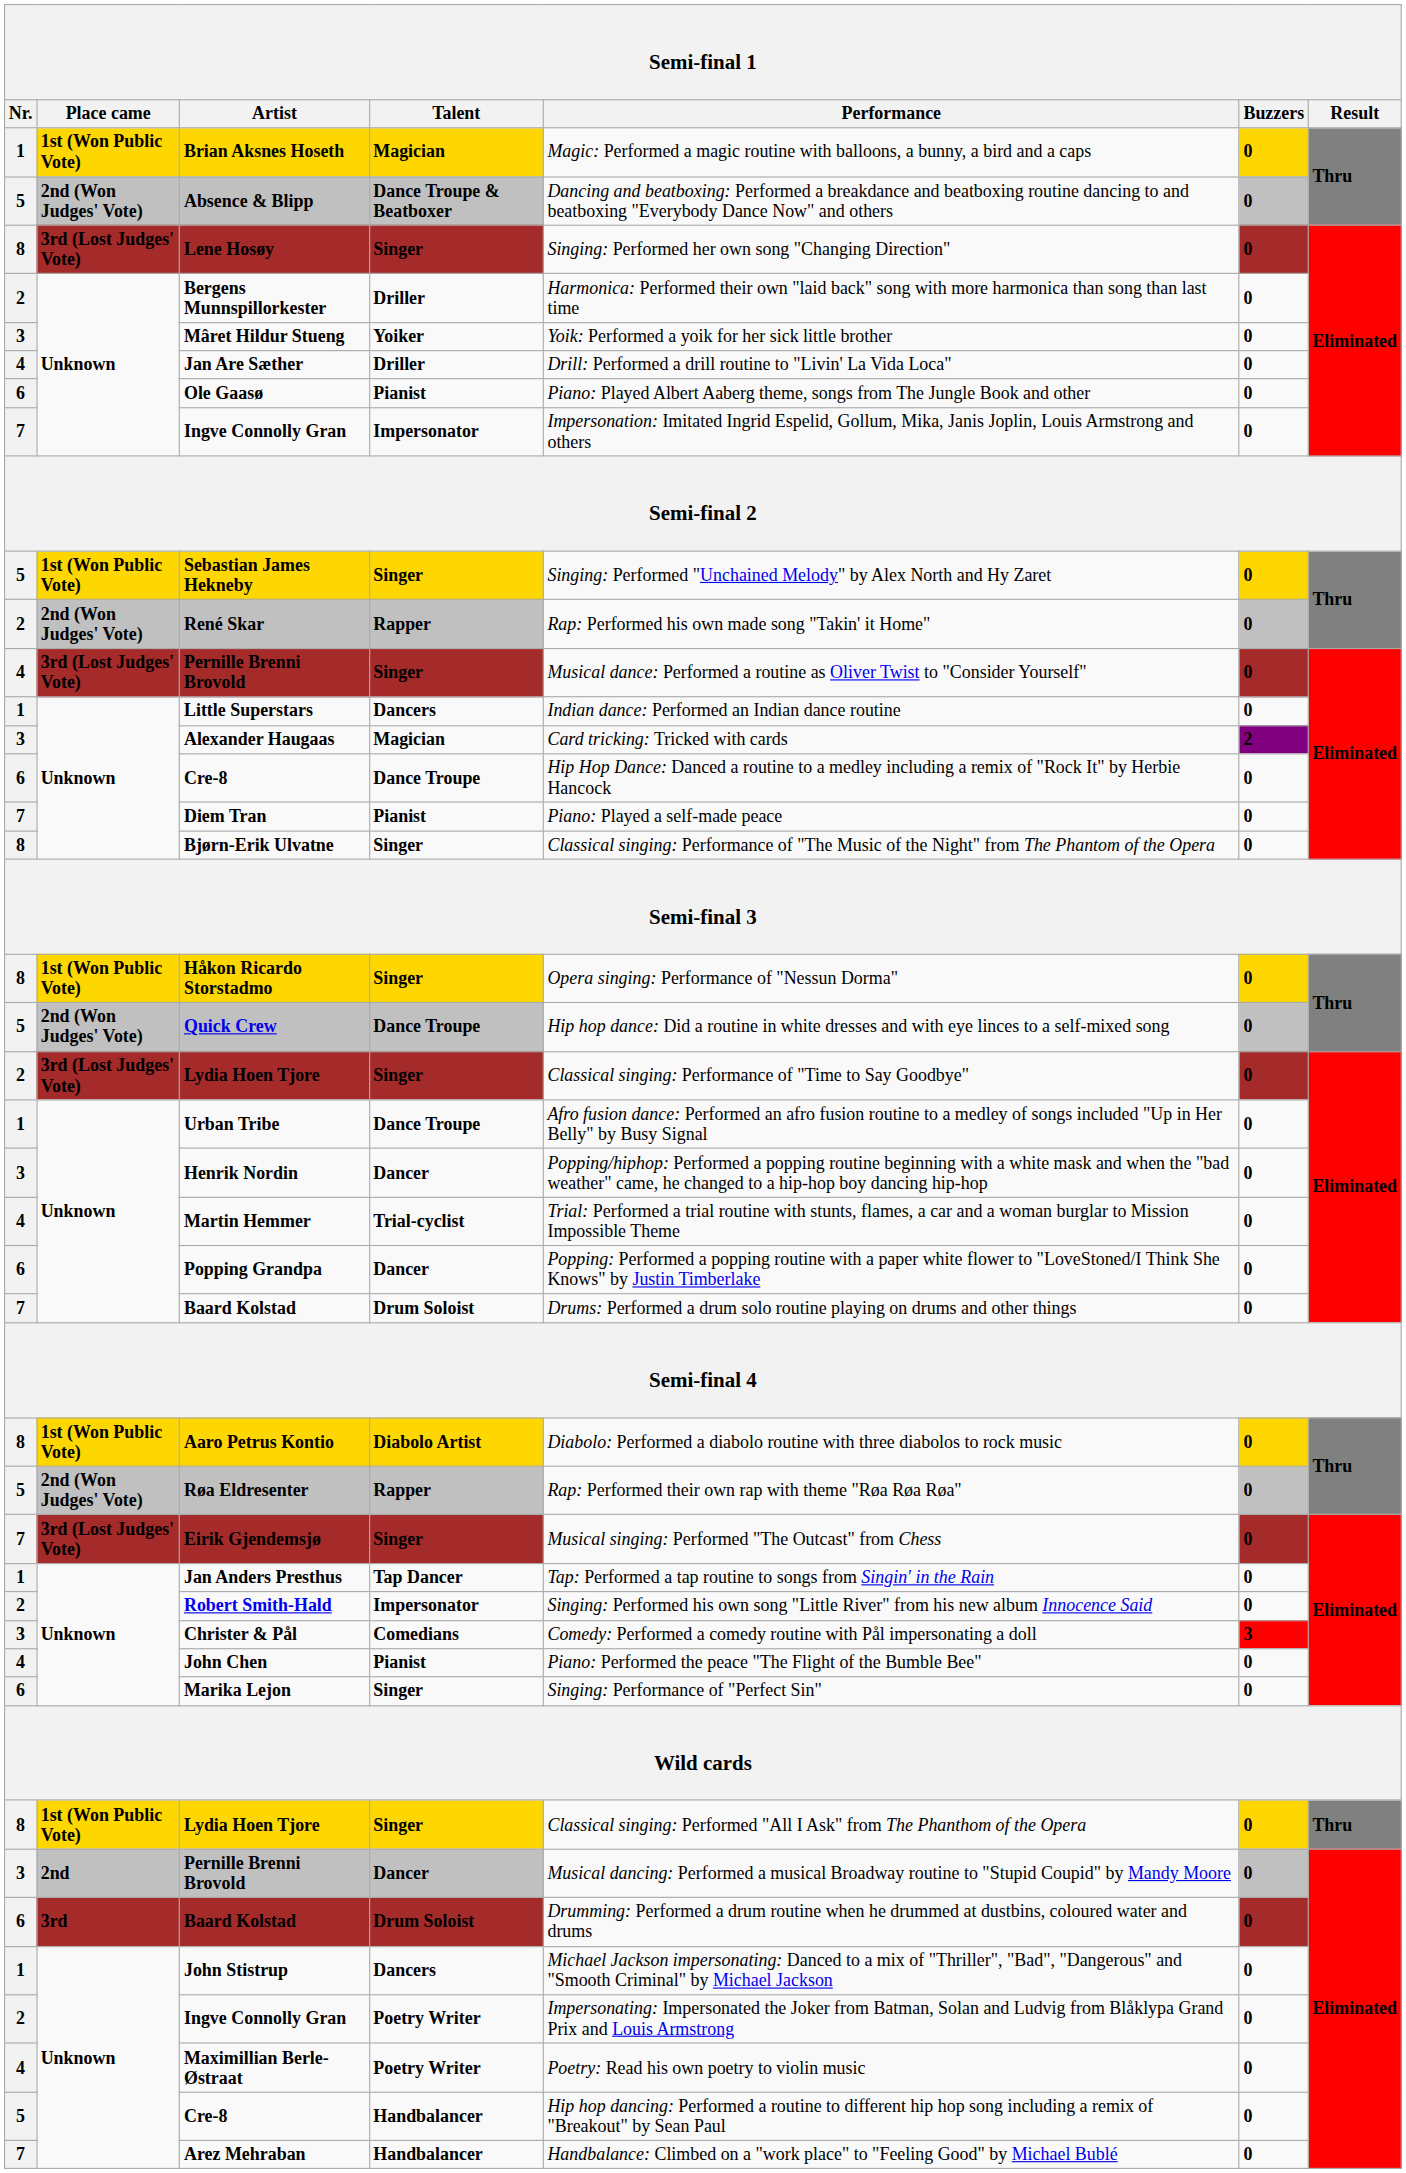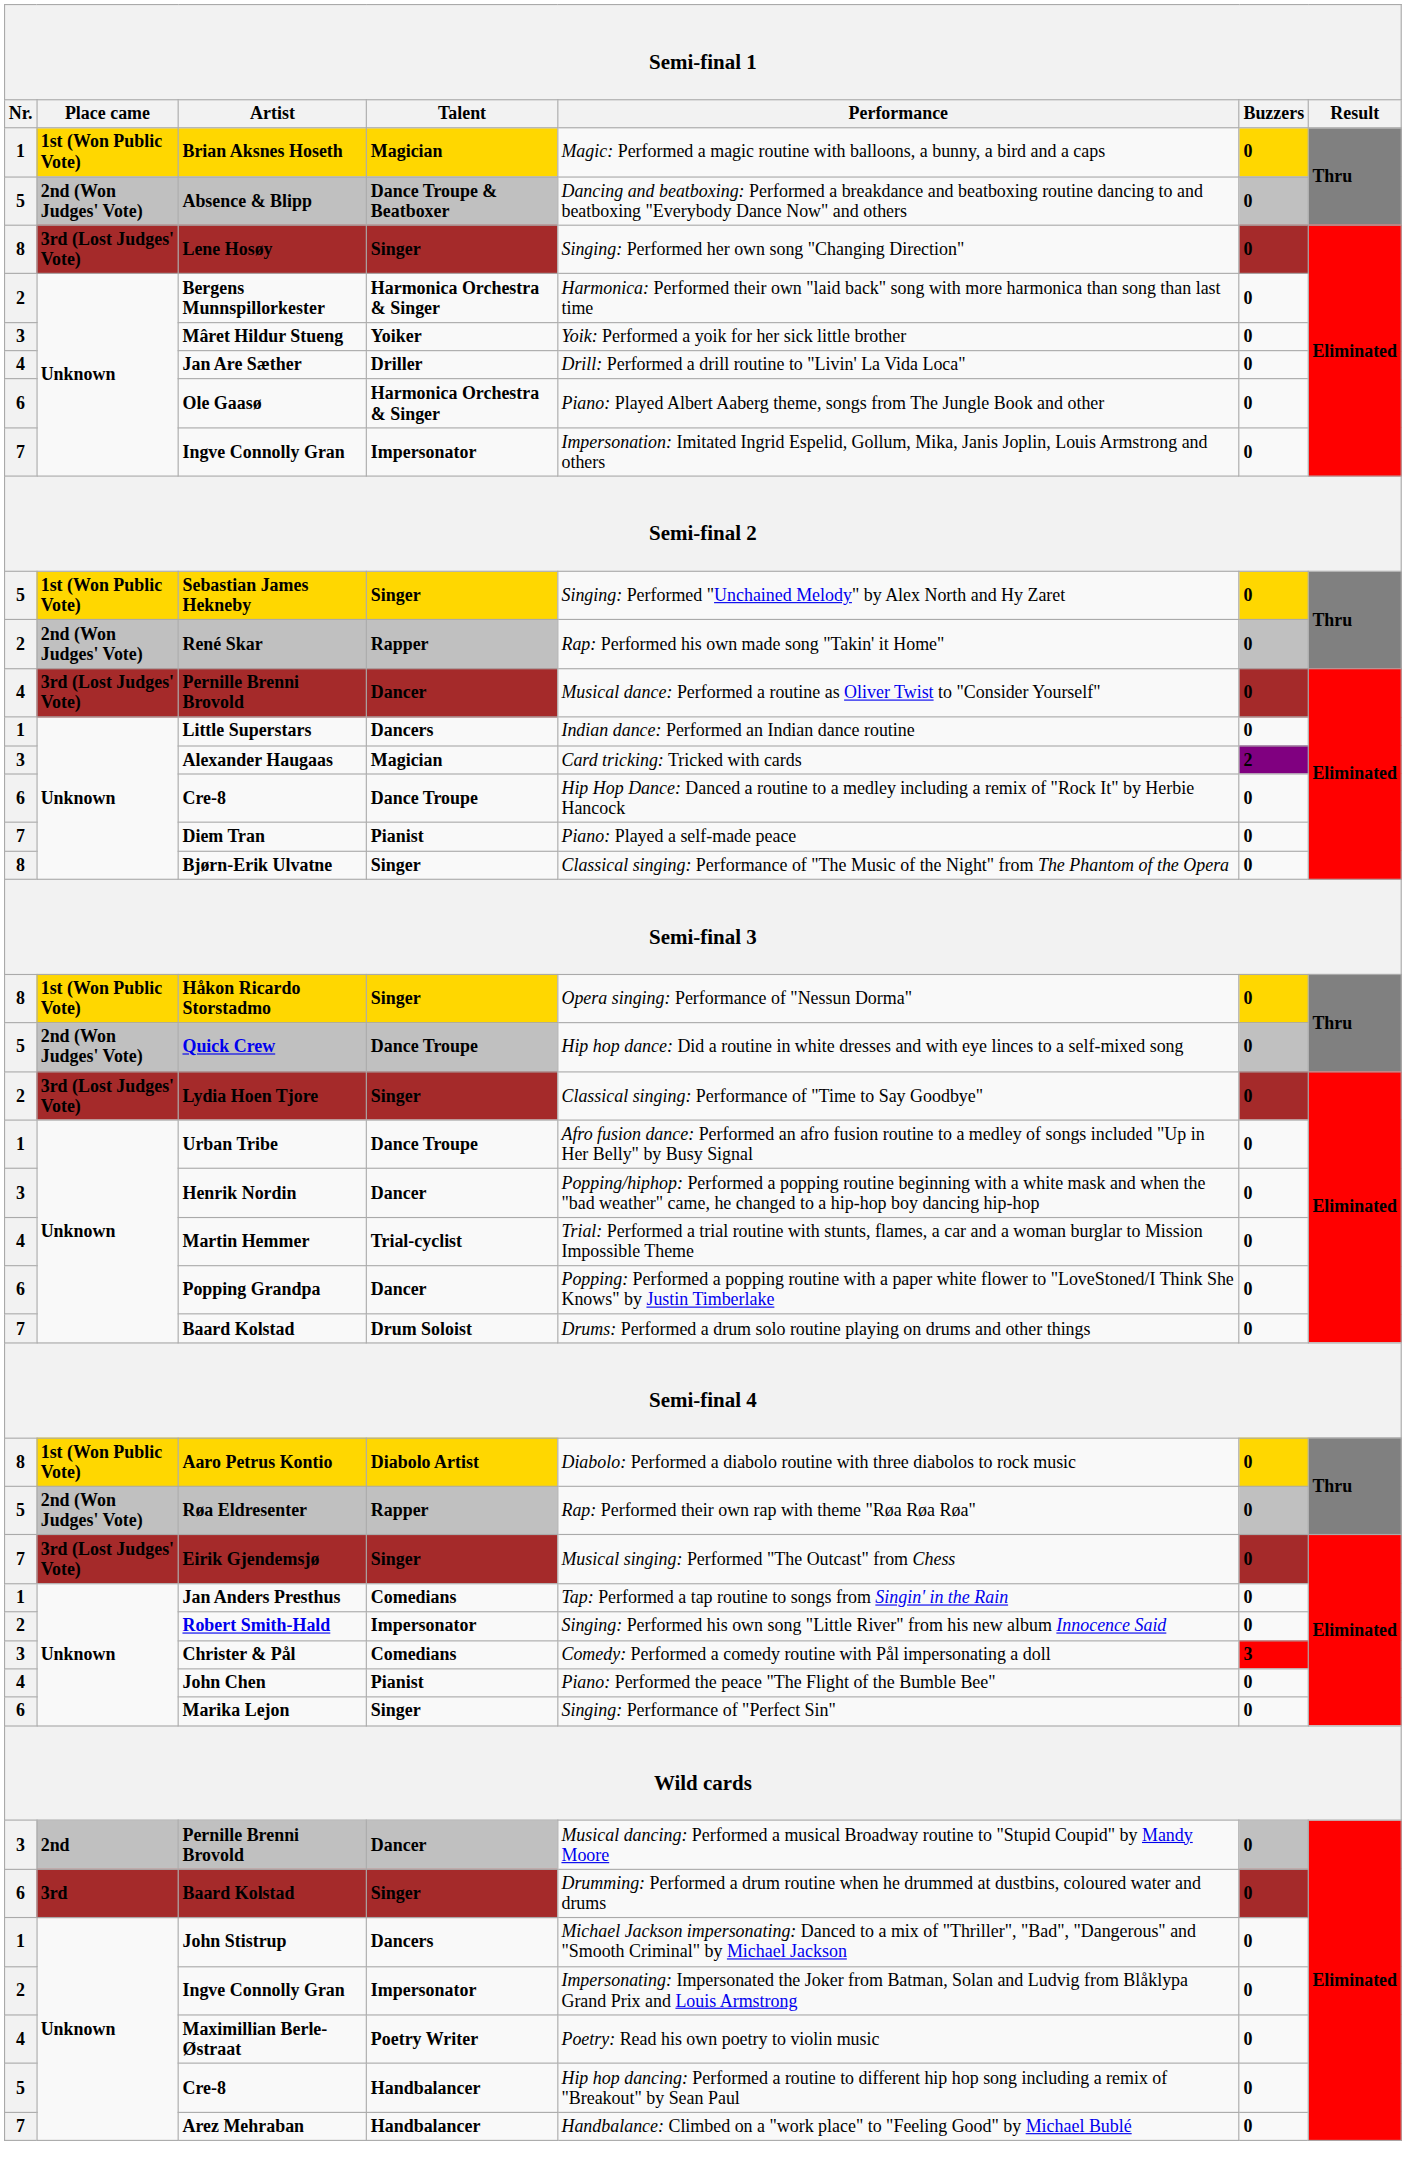 <table class="wikitable">
 <tr>
 <th colspan=7><br><h3>Semi-final 1</h3></th>
 </tr>
 <tr>
 <th>Nr.</th>
 <th>Place came</th>
 <th>Artist</th>
 <th>Talent</th>
 <th>Performance</th>
 <th>Buzzers</th>
 <th>Result</th>
 </tr>
 <tr>
 <th>1</th>
 <td bgcolor="gold"><strong>1st (Won Public Vote)</strong></td>
 <td bgcolor="gold"><strong>Brian Aksnes Hoseth</strong></td>
 <td bgcolor="gold"><strong>Magician</strong></td>
 <td><em>Magic:</em> Performed a magic routine with balloons, a bunny, a bird and a caps</td>
 <td bgcolor="gold"><strong>0</strong></td>
 <td rowspan="2" bgcolor="grey"><strong>Thru</strong></td>
 </tr>
 <tr>
 <th>5</th>
 <td bgcolor="silver"><strong>2nd (Won Judges' Vote)</strong></td>
 <td bgcolor="silver"><strong>Absence & Blipp</strong></td>
 <td bgcolor="silver"><strong>Dance Troupe & Beatboxer</strong></td>
 <td><em>Dancing and beatboxing:</em> Performed a breakdance and beatboxing routine dancing to and beatboxing "Everybody Dance Now" and others</td>
 <td bgcolor="silver"><strong>0</strong></td>
 </tr>
 <tr>
 <th>8</th>
 <td bgcolor="brown"><strong>3rd (Lost Judges' Vote)</strong></td>
 <td bgcolor="brown"><strong>Lene Hosøy</strong></td>
 <td bgcolor="brown"><strong>Singer</strong></td>
 <td><em>Singing:</em> Performed her own song "Changing Direction"</td>
 <td bgcolor="brown"><strong>0</strong></td>
 <td rowspan="6" bgcolor="red"><strong>Eliminated</strong></td>
 </tr>
 <tr>
 <th>2</th>
 <td rowspan="5"><strong>Unknown</strong></td>
 <td><strong>Bergens Munnspillorkester</strong></td>
-<td><strong>Driller</strong></td>
+<td><strong>Harmonica Orchestra & Singer</strong></td>
 <td><em>Harmonica:</em> Performed their own "laid back" song with more harmonica than song than last time</td>
 <td><strong>0</strong></td>
 </tr>
 <tr>
 <th>3</th>
 <td><strong>Mâret Hildur Stueng</strong></td>
 <td><strong>Yoiker</strong></td>
 <td><em>Yoik:</em> Performed a yoik for her sick little brother</td>
 <td><strong>0</strong></td>
 </tr>
 <tr>
 <th>4</th>
 <td><strong>Jan Are Sæther</strong></td>
 <td><strong>Driller</strong></td>
 <td><em>Drill:</em> Performed a drill routine to "Livin' La Vida Loca"</td>
 <td><strong>0</strong></td>
 </tr>
 <tr>
 <th>6</th>
 <td><strong>Ole Gaasø</strong></td>
-<td><strong>Pianist</strong></td>
+<td><strong>Harmonica Orchestra & Singer</strong></td>
 <td><em>Piano:</em> Played Albert Aaberg theme, songs from The Jungle Book and other</td>
 <td><strong>0</strong></td>
 </tr>
 <tr>
 <th>7</th>
 <td><strong>Ingve Connolly Gran</strong></td>
 <td><strong>Impersonator</strong></td>
 <td><em>Impersonation:</em> Imitated Ingrid Espelid, Gollum, Mika, Janis Joplin, Louis Armstrong and others</td>
 <td><strong>0</strong></td>
 </tr>
 <tr>
 <th colspan="7"><br><h3>Semi-final 2</h3></th>
 </tr>
 <tr>
 <th>5</th>
 <td bgcolor="gold"><strong>1st (Won Public Vote)</strong></td>
 <td bgcolor="gold"><strong>Sebastian James Hekneby</strong></td>
 <td bgcolor="gold"><strong>Singer</strong></td>
 <td><em>Singing:</em> Performed "<a href='#'>Unchained Melody</a>" by Alex North and Hy Zaret</td>
 <td bgcolor="gold"><strong>0</strong></td>
 <td rowspan="2" bgcolor="grey"><strong>Thru</strong></td>
 </tr>
 <tr>
 <th>2</th>
 <td bgcolor="silver"><strong>2nd (Won Judges' Vote)</strong></td>
 <td bgcolor="silver"><strong>René Skar</strong></td>
 <td bgcolor="silver"><strong>Rapper</strong></td>
 <td><em>Rap:</em> Performed his own made song "Takin' it Home"</td>
 <td bgcolor="silver"><strong>0</strong></td>
 </tr>
 <tr>
 <th>4</th>
 <td bgcolor="brown"><strong>3rd (Lost Judges' Vote)</strong></td>
 <td bgcolor="brown"><strong>Pernille Brenni Brovold</strong></td>
-<td bgcolor="brown"><strong>Singer</strong></td>
+<td bgcolor="brown"><strong>Dancer</strong></td>
 <td><em>Musical dance:</em> Performed a routine as <a href='#'>Oliver Twist</a> to "Consider Yourself"</td>
 <td bgcolor="brown"><strong>0</strong></td>
 <td rowspan="6" bgcolor="red"><strong>Eliminated</strong></td>
 </tr>
 <tr>
 <th>1</th>
 <td rowspan="5"><strong>Unknown</strong></td>
 <td><strong>Little Superstars</strong></td>
 <td><strong>Dancers</strong></td>
 <td><em>Indian dance:</em> Performed an Indian dance routine</td>
 <td><strong>0</strong></td>
 </tr>
 <tr>
 <th>3</th>
 <td><strong>Alexander Haugaas</strong></td>
 <td><strong>Magician</strong></td>
 <td><em>Card tricking:</em> Tricked with cards</td>
 <td bgcolor="purple"><strong>2</strong></td>
 </tr>
 <tr>
 <th>6</th>
 <td><strong>Cre-8</strong></td>
 <td><strong>Dance Troupe</strong></td>
 <td><em>Hip Hop Dance:</em> Danced a routine to a medley including a remix of "Rock It" by Herbie Hancock</td>
 <td><strong>0</strong></td>
 </tr>
 <tr>
 <th>7</th>
 <td><strong>Diem Tran</strong></td>
 <td><strong>Pianist</strong></td>
 <td><em>Piano:</em> Played a self-made peace</td>
 <td><strong>0</strong></td>
 </tr>
 <tr>
 <th>8</th>
 <td><strong>Bjørn-Erik Ulvatne</strong></td>
 <td><strong>Singer</strong></td>
 <td><em>Classical singing:</em> Performance of "The Music of the Night" from <em>The Phantom of the Opera</em></td>
 <td><strong>0</strong></td>
 </tr>
 <tr>
 <th colspan="7"><br><h3>Semi-final 3</h3></th>
 </tr>
 <tr>
 <th>8</th>
 <td bgcolor="gold"><strong>1st (Won Public Vote)</strong></td>
 <td bgcolor="gold"><strong>Håkon Ricardo Storstadmo</strong></td>
 <td bgcolor="gold"><strong>Singer</strong></td>
 <td><em>Opera singing:</em> Performance of "Nessun Dorma"</td>
 <td bgcolor="gold"><strong>0</strong></td>
 <td rowspan="2" bgcolor="grey"><strong>Thru</strong></td>
 </tr>
 <tr>
 <th>5</th>
 <td bgcolor="silver"><strong>2nd (Won Judges' Vote)</strong></td>
 <td bgcolor="silver"><strong><a href='#'>Quick Crew</a></strong></td>
 <td bgcolor="silver"><strong>Dance Troupe</strong></td>
 <td><em>Hip hop dance:</em> Did a routine in white dresses and with eye linces to a self-mixed song</td>
 <td bgcolor="silver"><strong>0</strong></td>
 </tr>
 <tr>
 <th>2</th>
 <td bgcolor="brown"><strong>3rd (Lost Judges' Vote)</strong></td>
 <td bgcolor="brown"><strong>Lydia Hoen Tjore</strong></td>
 <td bgcolor="brown"><strong>Singer</strong></td>
 <td><em>Classical singing:</em> Performance of "Time to Say Goodbye"</td>
 <td bgcolor="brown"><strong>0</strong></td>
 <td rowspan="6" bgcolor="red"><strong>Eliminated</strong></td>
 </tr>
 <tr>
 <th>1</th>
 <td rowspan="5"><strong>Unknown</strong></td>
 <td><strong>Urban Tribe</strong></td>
 <td><strong>Dance Troupe</strong></td>
 <td><em>Afro fusion dance:</em> Performed an afro fusion routine to a medley of songs included "Up in Her Belly" by Busy Signal</td>
 <td><strong>0</strong></td>
 </tr>
 <tr>
 <th>3</th>
 <td><strong>Henrik Nordin</strong></td>
 <td><strong>Dancer</strong></td>
 <td><em>Popping/hiphop:</em> Performed a popping routine beginning with a white mask and when the "bad weather" came, he changed to a hip-hop boy dancing hip-hop</td>
 <td><strong>0</strong></td>
 </tr>
 <tr>
 <th>4</th>
 <td><strong>Martin Hemmer</strong></td>
 <td><strong>Trial-cyclist</strong></td>
 <td><em>Trial:</em> Performed a trial routine with stunts, flames, a car and a woman burglar to Mission Impossible Theme</td>
 <td><strong>0</strong></td>
 </tr>
 <tr>
 <th>6</th>
 <td><strong>Popping Grandpa</strong></td>
 <td><strong>Dancer</strong></td>
 <td><em>Popping:</em> Performed a popping routine with a paper white flower to "LoveStoned/I Think She Knows" by <a href='#'>Justin Timberlake</a></td>
 <td><strong>0</strong></td>
 </tr>
 <tr>
 <th>7</th>
 <td><strong>Baard Kolstad</strong></td>
 <td><strong>Drum Soloist</strong></td>
 <td><em>Drums:</em> Performed a drum solo routine playing on drums and other things</td>
 <td><strong>0</strong></td>
 </tr>
 <tr>
 <th colspan="7"><br><h3>Semi-final 4</h3></th>
 </tr>
 <tr>
 <th>8</th>
 <td bgcolor="gold"><strong>1st (Won Public Vote)</strong></td>
 <td bgcolor="gold"><strong>Aaro Petrus Kontio</strong></td>
 <td bgcolor="gold"><strong>Diabolo Artist</strong></td>
 <td><em>Diabolo:</em> Performed a diabolo routine with three diabolos to rock music</td>
 <td bgcolor="gold"><strong>0</strong></td>
 <td rowspan="2" bgcolor="grey"><strong>Thru</strong></td>
 </tr>
 <tr>
 <th>5</th>
 <td bgcolor="silver"><strong>2nd (Won Judges' Vote)</strong></td>
 <td bgcolor="silver"><strong>Røa Eldresenter</strong></td>
 <td bgcolor="silver"><strong>Rapper</strong></td>
 <td><em>Rap:</em> Performed their own rap with theme "Røa Røa Røa"</td>
 <td bgcolor="silver"><strong>0</strong></td>
 </tr>
 <tr>
 <th>7</th>
 <td bgcolor="brown"><strong>3rd (Lost Judges' Vote)</strong></td>
 <td bgcolor="brown"><strong>Eirik Gjendemsjø</strong></td>
 <td bgcolor="brown"><strong>Singer</strong></td>
 <td><em>Musical singing:</em> Performed "The Outcast" from <em>Chess</em></td>
 <td bgcolor="brown"><strong>0</strong></td>
 <td rowspan="6" bgcolor="red"><strong>Eliminated</strong></td>
 </tr>
 <tr>
 <th>1</th>
 <td rowspan="5"><strong>Unknown</strong></td>
 <td><strong>Jan Anders Presthus</strong></td>
-<td><strong>Tap Dancer</strong></td>
+<td><strong>Comedians</strong></td>
 <td><em>Tap:</em> Performed a tap routine to songs from <em><a href='#'>Singin' in the Rain</a></em></td>
 <td><strong>0</strong></td>
 </tr>
 <tr>
 <th>2</th>
 <td><strong><a href='#'>Robert Smith-Hald</a></strong></td>
 <td><strong>Impersonator</strong></td>
 <td><em>Singing:</em> Performed his own song "Little River" from his new album <em><a href='#'>Innocence Said</a></em></td>
 <td><strong>0</strong></td>
 </tr>
 <tr>
 <th>3</th>
 <td><strong>Christer & Pål</strong></td>
 <td><strong>Comedians</strong></td>
 <td><em>Comedy:</em> Performed a comedy routine with Pål impersonating a doll</td>
 <td bgcolor="red"><strong>3</strong></td>
 </tr>
 <tr>
 <th>4</th>
 <td><strong>John Chen</strong></td>
 <td><strong>Pianist</strong></td>
 <td><em>Piano:</em> Performed the peace "The Flight of the Bumble Bee"</td>
 <td><strong>0</strong></td>
 </tr>
 <tr>
 <th>6</th>
 <td><strong>Marika Lejon</strong></td>
 <td><strong>Singer</strong></td>
 <td><em>Singing:</em> Performance of "Perfect Sin"</td>
 <td><strong>0</strong></td>
 </tr>
 <tr>
 <th colspan="7"><br><h3>Wild cards</h3></th>
 </tr>
 <tr>
-<th>8</th>
-<td bgcolor="gold"><strong>1st (Won Public Vote)</strong></td>
-<td bgcolor="gold"><strong>Lydia Hoen Tjore</strong></td>
-<td bgcolor="gold"><strong>Singer</strong></td>
-<td><em>Classical singing:</em> Performed "All I Ask" from <em>The Phanthom of the Opera</em></td>
-<td bgcolor="gold"><strong>0</strong></td>
-<td bgcolor="grey"><strong>Thru</strong></td>
-</tr>
-<tr>
 <th>3</th>
 <td bgcolor="silver"><strong>2nd</strong></td>
 <td bgcolor="silver"><strong>Pernille Brenni Brovold</strong></td>
 <td bgcolor="silver"><strong>Dancer</strong></td>
 <td><em>Musical dancing:</em> Performed a musical Broadway routine to "Stupid Coupid" by <a href='#'>Mandy Moore</a></td>
 <td bgcolor="silver"><strong>0</strong></td>
 <td rowspan="7" bgcolor="red"><strong>Eliminated</strong></td>
 </tr>
 <tr>
 <th>6</th>
 <td bgcolor="brown"><strong>3rd</strong></td>
 <td bgcolor="brown"><strong>Baard Kolstad</strong></td>
-<td bgcolor="brown"><strong>Drum Soloist</strong></td>
+<td bgcolor="brown"><strong>Singer</strong></td>
 <td><em>Drumming:</em> Performed a drum routine when he drummed at dustbins, coloured water and drums</td>
 <td bgcolor="brown"><strong>0</strong></td>
 </tr>
 <tr>
 <th>1</th>
 <td rowspan="5"><strong>Unknown</strong></td>
 <td><strong>John Stistrup</strong></td>
 <td><strong>Dancers</strong></td>
 <td><em>Michael Jackson impersonating:</em> Danced to a mix of "Thriller", "Bad", "Dangerous" and "Smooth Criminal" by <a href='#'>Michael Jackson</a></td>
 <td><strong>0</strong></td>
 </tr>
 <tr>
 <th>2</th>
 <td><strong>Ingve Connolly Gran</strong></td>
-<td><strong>Poetry Writer</strong></td>
+<td><strong>Impersonator</strong></td>
 <td><em>Impersonating:</em> Impersonated the Joker from Batman, Solan and Ludvig from Blåklypa Grand Prix and <a href='#'>Louis Armstrong</a></td>
 <td><strong>0</strong></td>
 </tr>
 <tr>
 <th>4</th>
 <td><strong>Maximillian Berle-Østraat</strong></td>
 <td><strong>Poetry Writer</strong></td>
 <td><em>Poetry:</em> Read his own poetry to violin music</td>
 <td><strong>0</strong></td>
 </tr>
 <tr>
 <th>5</th>
 <td><strong>Cre-8</strong></td>
 <td><strong>Handbalancer</strong></td>
 <td><em>Hip hop dancing:</em> Performed a routine to different hip hop song including a remix of "Breakout" by Sean Paul</td>
 <td><strong>0</strong></td>
 </tr>
 <tr>
 <th>7</th>
 <td><strong>Arez Mehraban</strong></td>
 <td><strong>Handbalancer</strong></td>
 <td><em>Handbalance:</em> Climbed on a "work place" to "Feeling Good" by <a href='#'>Michael Bublé</a></td>
 <td><strong>0</strong></td>
 </tr>
 </table>
